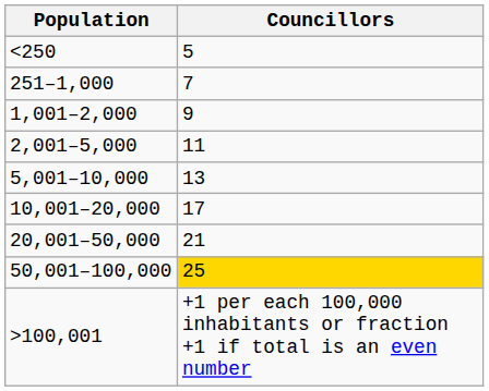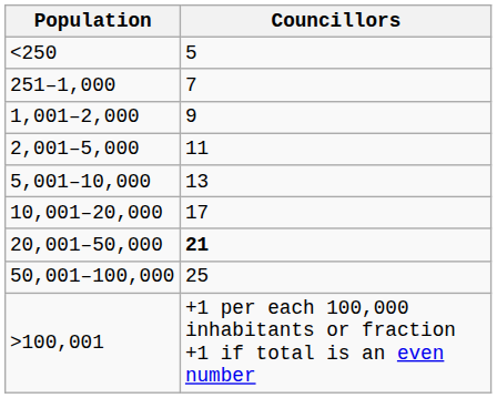 <table class="wikitable" style="text-align:left;">
 <tr>
 <th width="110">Population</th>
 <th width="200">Councillors</th>
 </tr>
 <tr>
 <td><250</td>
 <td>5</td>
 </tr>
 <tr>
 <td>251–1,000</td>
 <td>7</td>
 </tr>
 <tr>
 <td>1,001–2,000</td>
 <td>9</td>
 </tr>
 <tr>
 <td>2,001–5,000</td>
 <td>11</td>
 </tr>
 <tr>
 <td>5,001–10,000</td>
 <td>13</td>
 </tr>
 <tr>
 <td>10,001–20,000</td>
 <td>17</td>
 </tr>
 <tr>
 <td>20,001–50,000</td>
-<td>21</td>
+<td><strong>21</strong></td>
 </tr>
 <tr>
 <td>50,001–100,000</td>
-<td style="background: gold;">25</td>
+<td>25</td>
 </tr>
 <tr>
 <td>>100,001</td>
 <td>+1 per each 100,000 inhabitants or fraction<br>+1 if total is an <a href='#'>even number</a></td>
 </tr>
 </table>
